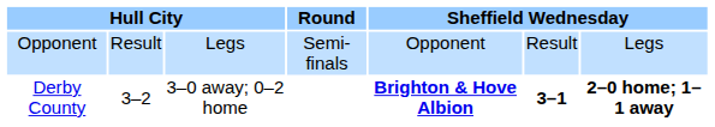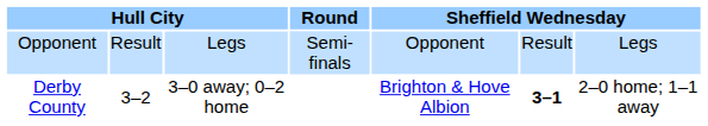 <table width="100%" bgcolor=white>
 <tr valign=top bgcolor=#99ccff>
 <th colspan=3 style="width:1*"><strong>Hull City</strong></th>
 <th><strong>Round</strong></th>
 <th colspan=3 style="width:1*"><strong> Sheffield Wednesday</strong></th>
 </tr>
 <tr valign=top align="center" bgcolor=#c1e0ff>
 <td>Opponent</td>
 <td>Result</td>
 <td>Legs</td>
 <td bgcolor=#c1e0ff>Semi-finals</td>
 <td>Opponent</td>
 <td>Result</td>
 <td>Legs</td>
 </tr>
 <tr align="center">
 <td><a href='#'>Derby County</a></td>
 <td>3–2</td>
 <td>3–0 away; 0–2 home</td>
 <td></td>
-<td><strong><a href='#'>Brighton & Hove Albion</a></strong></td>
+<td><a href='#'>Brighton & Hove Albion</a></td>
 <td><strong>3–1</strong></td>
-<td><strong>2–0 home; 1–1 away</strong></td>
+<td>2–0 home; 1–1 away</td>
 </tr>
 </table>
